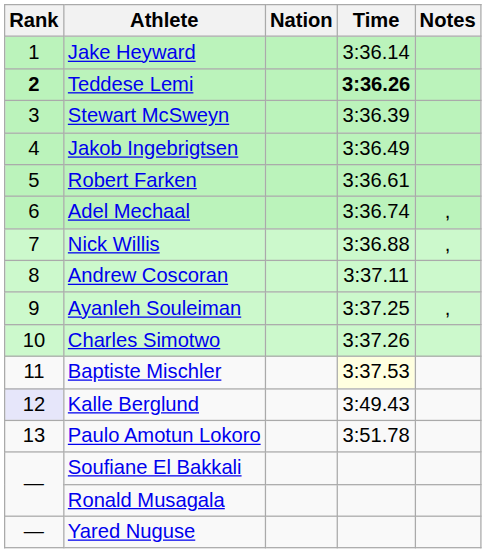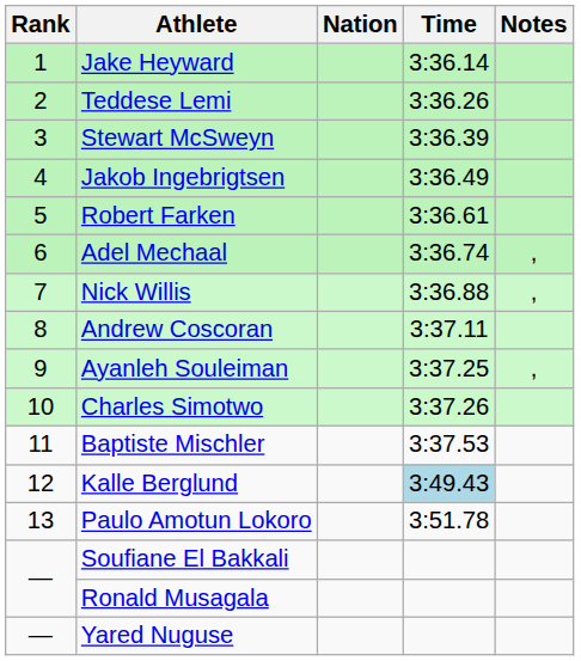 <table class="wikitable sortable" style="text-align:center">
 <tr>
 <th>Rank</th>
 <th>Athlete</th>
 <th>Nation</th>
 <th>Time</th>
 <th>Notes</th>
 </tr>
 <tr bgcolor=#bbf3bb>
 <td>1</td>
 <td align="left"><a href='#'>Jake Heyward</a></td>
 <td align="left"></td>
 <td>3:36.14</td>
 <td></td>
 </tr>
 <tr bgcolor=#bbf3bb>
-<td><strong>2</strong></td>
+<td>2</td>
 <td align="left"><a href='#'>Teddese Lemi</a></td>
 <td align="left"></td>
-<td><strong>3:36.26</strong></td>
+<td>3:36.26</td>
 <td></td>
 </tr>
 <tr bgcolor=#bbf3bb>
 <td>3</td>
 <td align="left"><a href='#'>Stewart McSweyn</a></td>
 <td align="left"></td>
 <td>3:36.39</td>
 <td></td>
 </tr>
 <tr bgcolor=#bbf3bb>
 <td>4</td>
 <td align="left"><a href='#'>Jakob Ingebrigtsen</a></td>
 <td align="left"></td>
 <td>3:36.49</td>
 <td></td>
 </tr>
 <tr bgcolor=#bbf3bb>
 <td>5</td>
 <td align="left"><a href='#'>Robert Farken</a></td>
 <td align="left"></td>
 <td>3:36.61</td>
 <td></td>
 </tr>
 <tr bgcolor=#bbf3bb>
 <td>6</td>
 <td align="left"><a href='#'>Adel Mechaal</a></td>
 <td align="left"></td>
 <td>3:36.74</td>
 <td>, </td>
 </tr>
 <tr bgcolor=ccf9cc>
 <td>7</td>
 <td align="left"><a href='#'>Nick Willis</a></td>
 <td align="left"></td>
 <td>3:36.88</td>
 <td>, </td>
 </tr>
 <tr bgcolor=ccf9cc>
 <td>8</td>
 <td align="left"><a href='#'>Andrew Coscoran</a></td>
 <td align="left"></td>
 <td>3:37.11</td>
 <td></td>
 </tr>
 <tr bgcolor=ccf9cc>
 <td>9</td>
 <td align="left"><a href='#'>Ayanleh Souleiman</a></td>
 <td align="left"></td>
 <td>3:37.25</td>
 <td>, </td>
 </tr>
 <tr bgcolor=ccf9cc>
 <td>10</td>
 <td align="left"><a href='#'>Charles Simotwo</a></td>
 <td align="left"></td>
 <td>3:37.26</td>
 <td></td>
 </tr>
 <tr>
 <td>11</td>
 <td align="left"><a href='#'>Baptiste Mischler</a></td>
 <td align="left"></td>
-<td style="background: lightyellow;">3:37.53</td>
+<td>3:37.53</td>
 <td></td>
 </tr>
 <tr>
-<td style="background: lavender;">12</td>
+<td>12</td>
 <td align="left"><a href='#'>Kalle Berglund</a></td>
 <td align="left"></td>
-<td>3:49.43</td>
+<td style="background: lightblue;">3:49.43</td>
 <td></td>
 </tr>
 <tr>
 <td>13</td>
 <td align="left"><a href='#'>Paulo Amotun Lokoro</a></td>
 <td align="left"></td>
 <td>3:51.78</td>
 <td></td>
 </tr>
 <tr>
 <td rowspan=2 data-sort-value=14>—</td>
 <td align="left"><a href='#'>Soufiane El Bakkali</a></td>
 <td align="left"></td>
 <td data-sort-value=8:88.88></td>
 <td></td>
 </tr>
 <tr>
 <td align="left"><a href='#'>Ronald Musagala</a></td>
 <td align="left"></td>
 <td data-sort-value=8:88.88></td>
 <td></td>
 </tr>
 <tr>
 <td data-sort-value=16>—</td>
 <td align="left"><a href='#'>Yared Nuguse</a></td>
 <td align="left"></td>
 <td data-sort-value=9:99.99></td>
 <td></td>
 </tr>
 </table>
